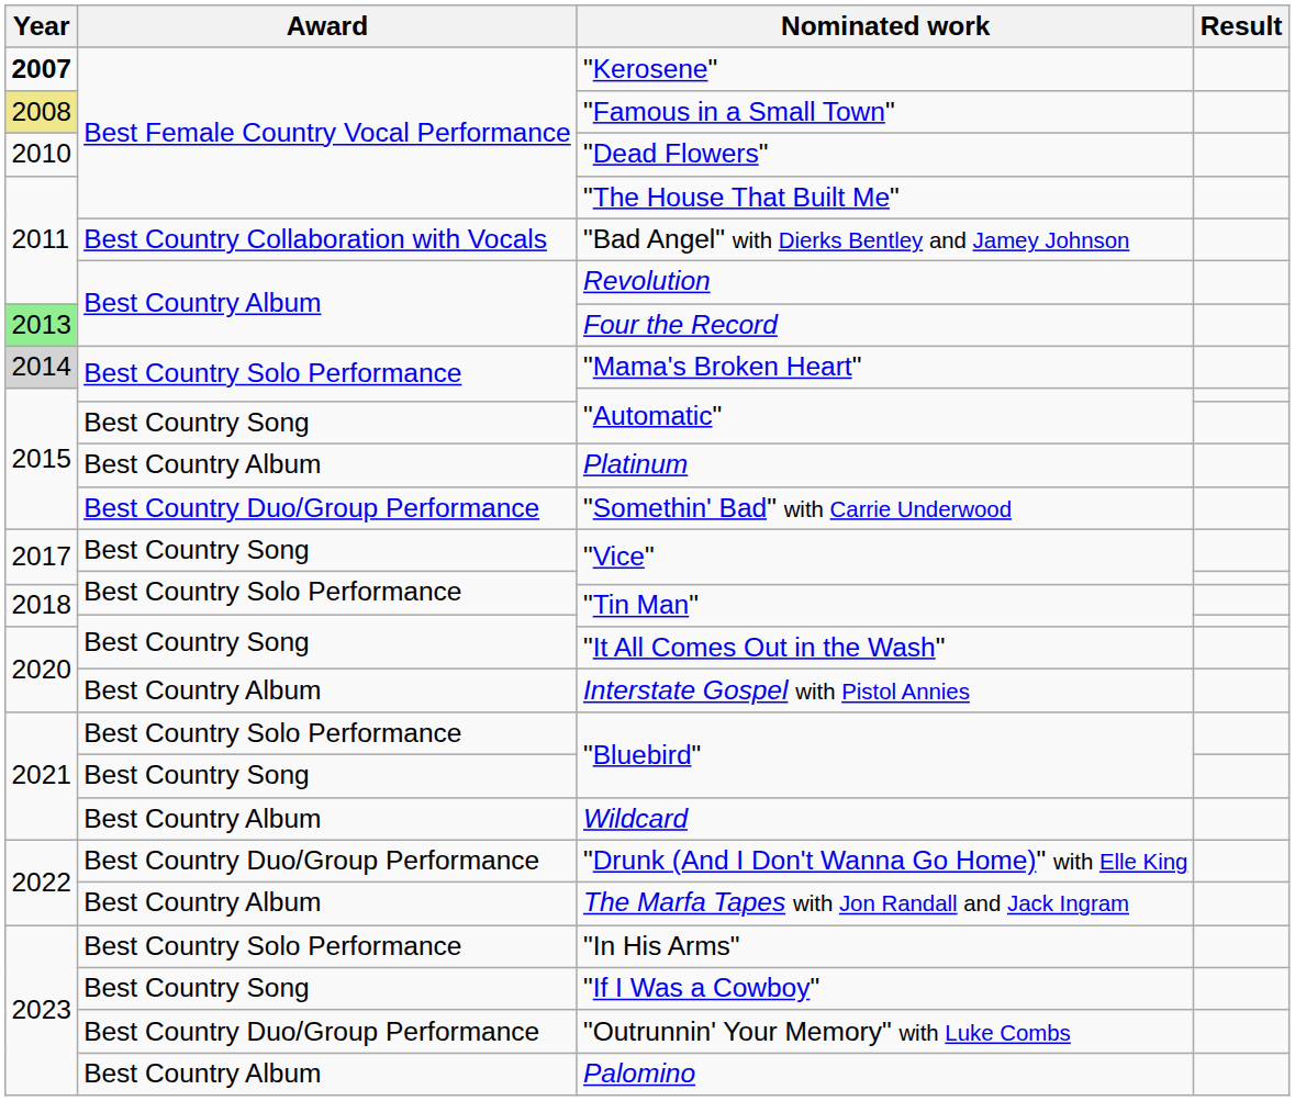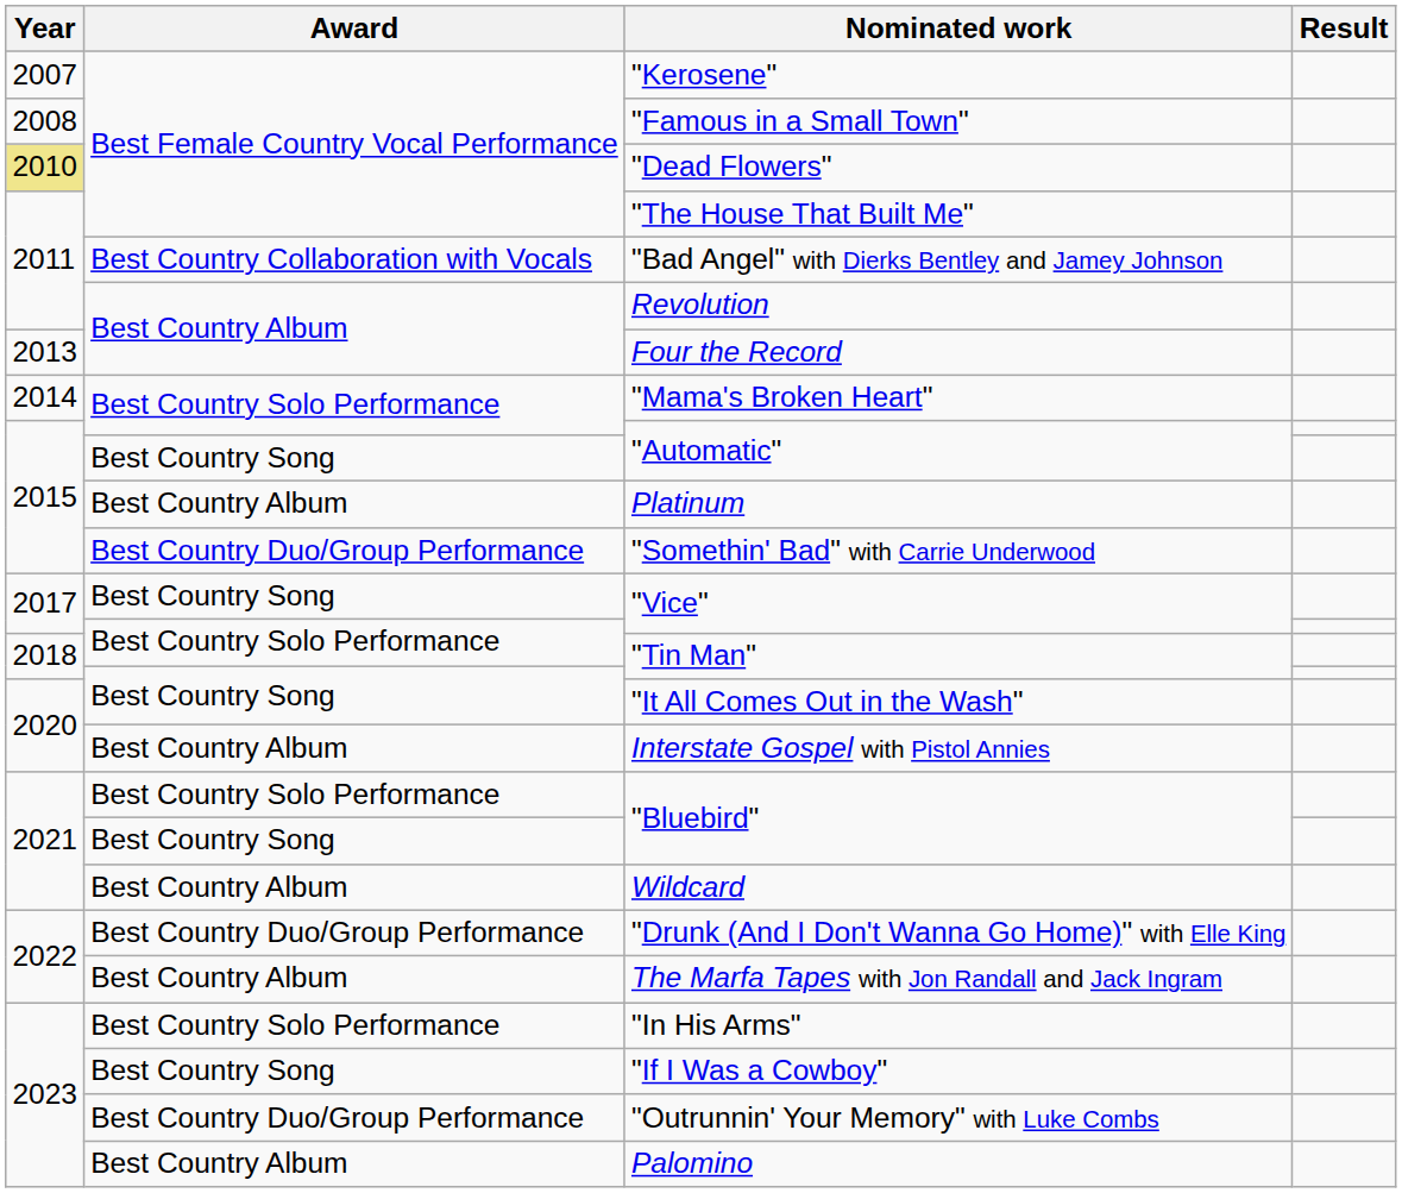 <table class="wikitable">
 <tr>
 <th>Year</th>
 <th>Award</th>
 <th>Nominated work</th>
 <th>Result</th>
 </tr>
 <tr>
-<td><strong>2007</strong></td>
+<td>2007</td>
 <td rowspan="4"><a href='#'>Best Female Country Vocal Performance</a></td>
 <td>"<a href='#'>Kerosene</a>"</td>
 <td></td>
 </tr>
 <tr>
-<td style="background: khaki;">2008</td>
+<td>2008</td>
 <td>"<a href='#'>Famous in a Small Town</a>"</td>
 <td></td>
 </tr>
 <tr>
-<td>2010</td>
+<td style="background: khaki;">2010</td>
 <td>"<a href='#'>Dead Flowers</a>"</td>
 <td></td>
 </tr>
 <tr>
 <td rowspan="3">2011</td>
 <td>"<a href='#'>The House That Built Me</a>"</td>
 <td></td>
 </tr>
 <tr>
 <td><a href='#'>Best Country Collaboration with Vocals</a></td>
 <td>"Bad Angel" <small>with <a href='#'>Dierks Bentley</a> and <a href='#'>Jamey Johnson</a></small></td>
 <td></td>
 </tr>
 <tr>
 <td rowspan="2"><a href='#'>Best Country Album</a></td>
 <td><em><a href='#'>Revolution</a></em></td>
 <td></td>
 </tr>
 <tr>
-<td style="background: lightgreen;">2013</td>
+<td>2013</td>
 <td><em><a href='#'>Four the Record</a></em></td>
 <td></td>
 </tr>
 <tr>
-<td style="background: lightgrey;">2014</td>
+<td>2014</td>
 <td rowspan="2"><a href='#'>Best Country Solo Performance</a></td>
 <td>"<a href='#'>Mama's Broken Heart</a>"</td>
 <td></td>
 </tr>
 <tr>
 <td rowspan="4">2015</td>
 <td rowspan="2">"<a href='#'>Automatic</a>"</td>
 <td></td>
 </tr>
 <tr>
 <td>Best Country Song</td>
 <td></td>
 </tr>
 <tr>
 <td>Best Country Album</td>
 <td><em><a href='#'>Platinum</a></em></td>
 <td></td>
 </tr>
 <tr>
 <td><a href='#'>Best Country Duo/Group Performance</a></td>
 <td>"<a href='#'>Somethin' Bad</a>" <small>with <a href='#'>Carrie Underwood</a></small></td>
 <td></td>
 </tr>
 <tr>
 <td rowspan="2">2017</td>
 <td>Best Country Song</td>
 <td rowspan="2">"<a href='#'>Vice</a>"</td>
 <td></td>
 </tr>
 <tr>
 <td rowspan=2>Best Country Solo Performance</td>
 <td></td>
 </tr>
 <tr>
 <td rowspan="2">2018</td>
 <td rowspan="2">"<a href='#'>Tin Man</a>"</td>
 <td></td>
 </tr>
 <tr>
 <td rowspan=2>Best Country Song</td>
 <td></td>
 </tr>
 <tr>
 <td rowspan=2>2020</td>
 <td>"<a href='#'>It All Comes Out in the Wash</a>"</td>
 <td></td>
 </tr>
 <tr>
 <td>Best Country Album</td>
 <td><em><a href='#'>Interstate Gospel</a></em> <small>with <a href='#'>Pistol Annies</a></small></td>
 <td></td>
 </tr>
 <tr>
 <td rowspan=3>2021</td>
 <td>Best Country Solo Performance</td>
 <td rowspan="2">"<a href='#'>Bluebird</a>"</td>
 <td></td>
 </tr>
 <tr>
 <td>Best Country Song</td>
 <td></td>
 </tr>
 <tr>
 <td>Best Country Album</td>
 <td><em><a href='#'>Wildcard</a></em></td>
 <td></td>
 </tr>
 <tr>
 <td rowspan=2>2022</td>
 <td>Best Country Duo/Group Performance</td>
 <td>"<a href='#'>Drunk (And I Don't Wanna Go Home)</a>" <small>with <a href='#'>Elle King</a></small></td>
 <td></td>
 </tr>
 <tr>
 <td>Best Country Album</td>
 <td><em><a href='#'>The Marfa Tapes</a></em> <small>with <a href='#'>Jon Randall</a> and <a href='#'>Jack Ingram</a></small></td>
 <td></td>
 </tr>
 <tr>
 <td rowspan=4>2023</td>
 <td>Best Country Solo Performance</td>
 <td>"In His Arms"</td>
 <td></td>
 </tr>
 <tr>
 <td>Best Country Song</td>
 <td>"<a href='#'>If I Was a Cowboy</a>"</td>
 <td></td>
 </tr>
 <tr>
 <td>Best Country Duo/Group Performance</td>
 <td>"Outrunnin' Your Memory" <small>with <a href='#'>Luke Combs</a></small></td>
 <td></td>
 </tr>
 <tr>
 <td>Best Country Album</td>
 <td><em><a href='#'>Palomino</a></em></td>
 <td></td>
 </tr>
 </table>
